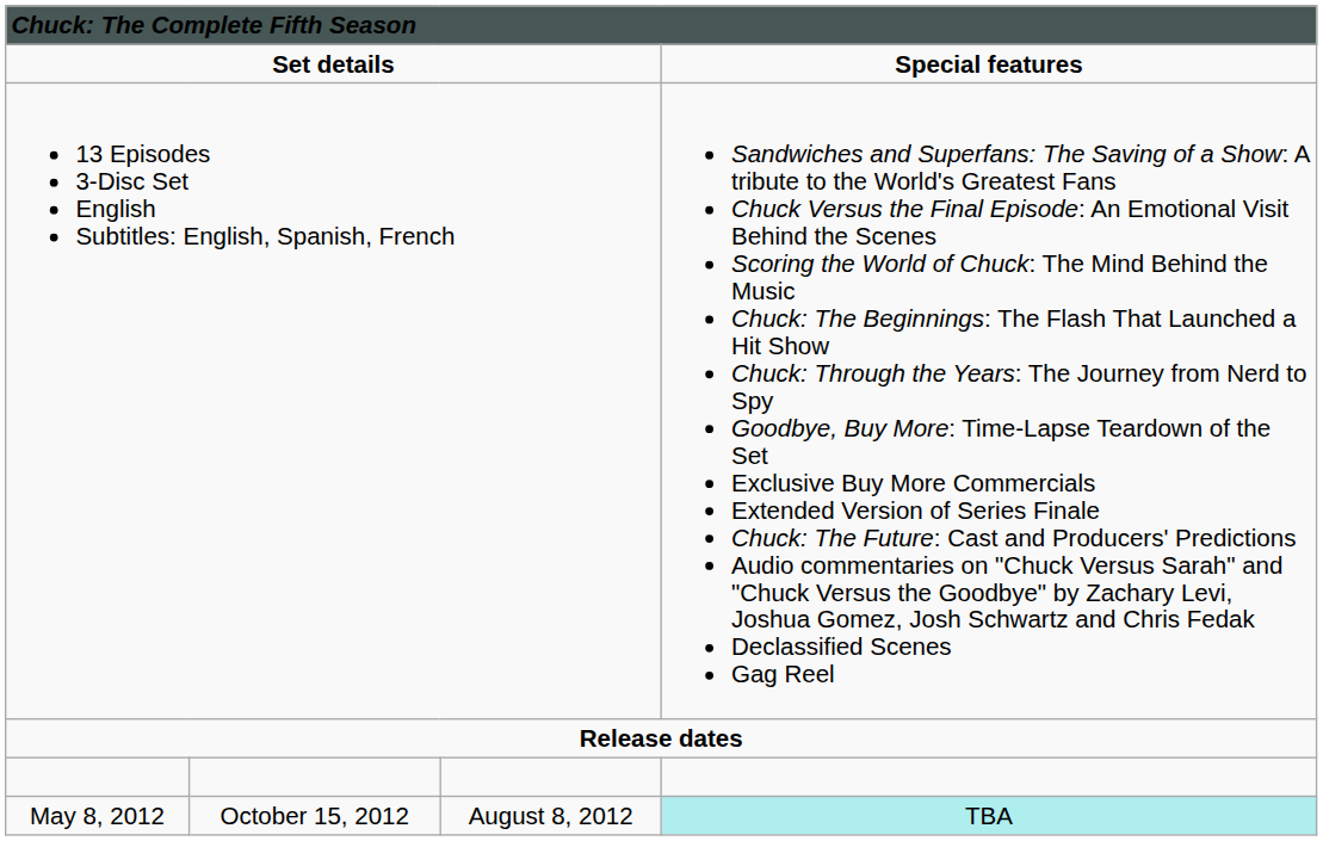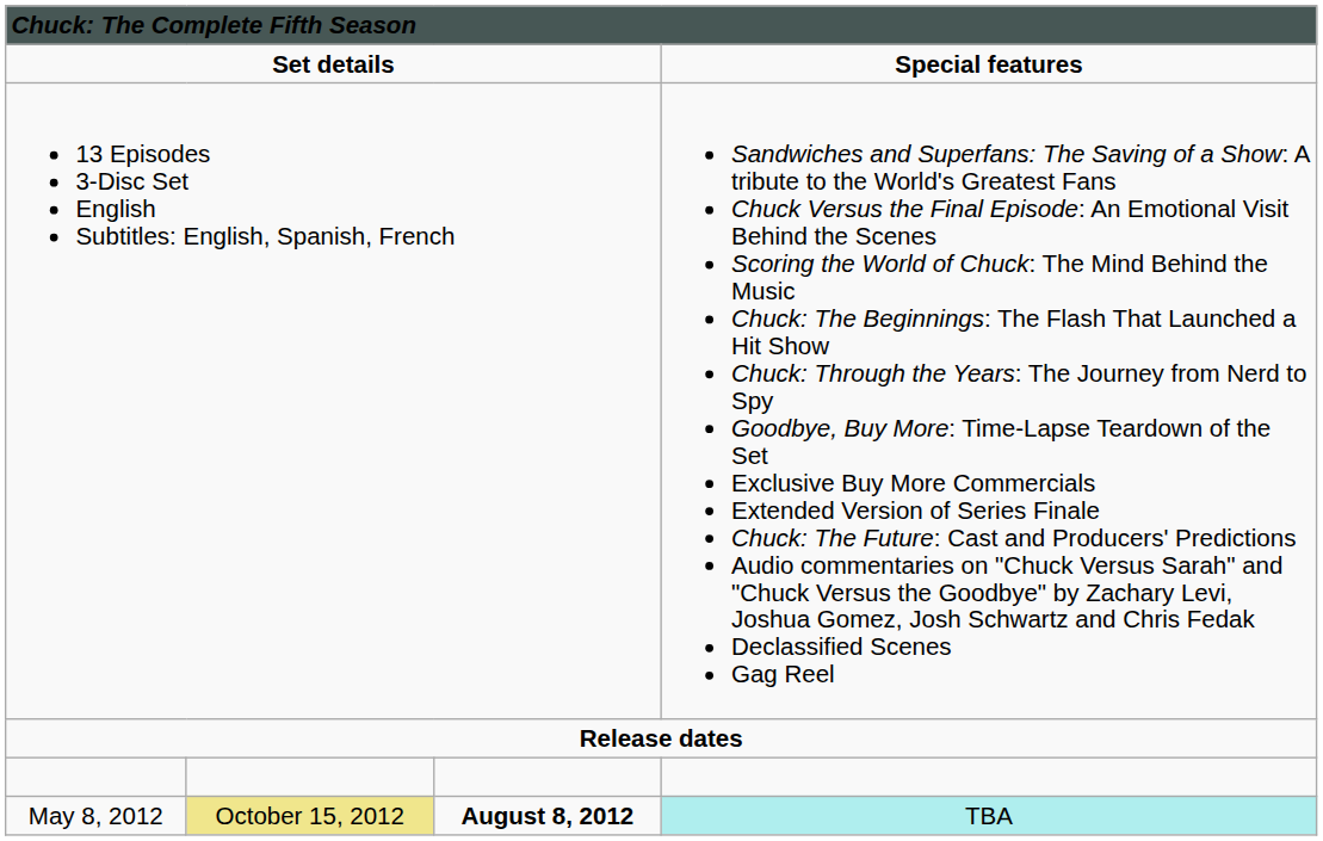 <table class="wikitable" style="font-size: 95%;">
 <tr style="background:#475755">
 <td colspan="6"><span><strong><em>Chuck: The Complete Fifth Season</em></strong></span></td>
 </tr>
 <tr valign="top">
 <td align="center" width="400" colspan="3"><strong>Set details</strong></td>
 <td width="400" align="center" colspan="3"><strong>Special features</strong></td>
 </tr>
 <tr valign="top">
 <td colspan="3" align="left"><br><ul><li>13 Episodes</li><li>3-Disc Set</li><li>English</li><li>Subtitles: English, Spanish, French</li></ul></td>
 <td colspan="3" align="left" width="400"><br><ul><li><em>Sandwiches and Superfans: The Saving of a Show</em>: A tribute to the World's Greatest Fans</li><li><em>Chuck Versus the Final Episode</em>: An Emotional Visit Behind the Scenes</li><li><em>Scoring the World of Chuck</em>: The Mind Behind the Music</li><li><em>Chuck: The Beginnings</em>: The Flash That Launched a Hit Show</li><li><em>Chuck: Through the Years</em>: The Journey from Nerd to Spy</li><li><em>Goodbye, Buy More</em>: Time-Lapse Teardown of the Set</li><li>Exclusive Buy More Commercials</li><li>Extended Version of Series Finale</li><li><em>Chuck: The Future</em>: Cast and Producers' Predictions</li><li>Audio commentaries on "Chuck Versus Sarah" and "Chuck Versus the Goodbye" by Zachary Levi, Joshua Gomez, Josh Schwartz and Chris Fedak</li><li>Declassified Scenes</li><li>Gag Reel</li></ul></td>
 </tr>
 <tr>
 <td colspan="6" align="center"><strong>Release dates</strong></td>
 </tr>
 <tr>
 <td colspan="1" align="center"><br></td>
 <td colspan="1" align="center"></td>
 <td colspan="1" align="center"><br></td>
 <td colspan="1" align="center"></td>
 </tr>
 <tr>
 <td colspan="1" align="center">May 8, 2012</td>
-<td colspan="1" align="center">October 15, 2012</td>
-<td colspan="1" align="center">August 8, 2012</td>
+<td colspan="1" align="center" style="background: khaki;">October 15, 2012</td>
+<td colspan="1" align="center"><strong>August 8, 2012</strong></td>
 <td colspan="1" align="center" style="background: paleturquoise;">TBA</td>
 </tr>
 </table>
